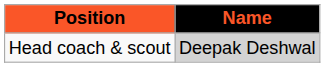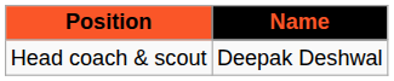 <table class="wikitable">
 <tr>
 <th colspan="1" style="background:#FA5628; color:#000000; text-align:center;">Position</th>
 <th colspan="1" style="background:#000000; color:#FA5628; text-align:center;">Name</th>
 </tr>
 <tr>
 <td>Head coach & scout</td>
-<td style="background: lightgrey;"> Deepak Deshwal</td>
+<td> Deepak Deshwal</td>
 </tr>
 </table>
